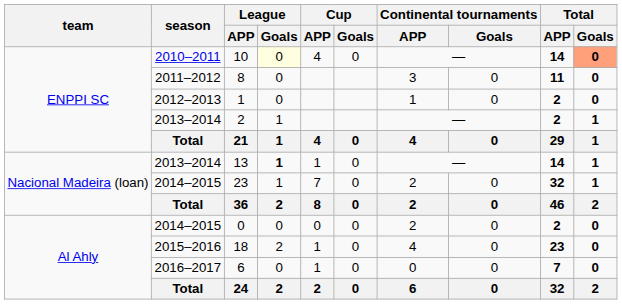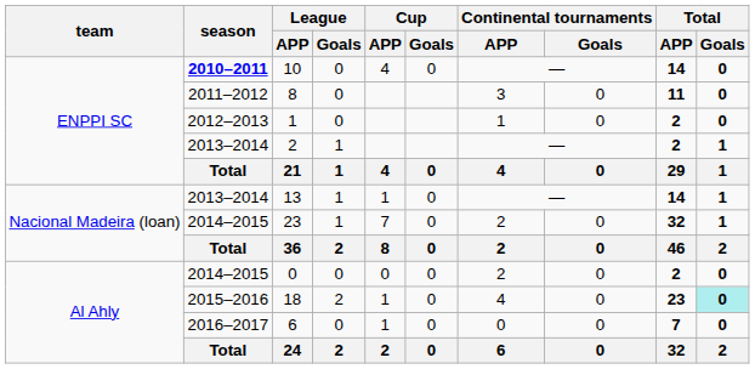 <table class="wikitable" style="text-align: center;">
 <tr>
 <th rowspan="2">team</th>
 <th rowspan="2">season</th>
 <th colspan="2">League</th>
 <th colspan="2">Cup</th>
 <th colspan="2">Continental tournaments</th>
 <th colspan="2">Total</th>
 </tr>
 <tr>
 <th>APP</th>
 <th>Goals</th>
 <th>APP</th>
 <th>Goals</th>
 <th>APP</th>
 <th>Goals</th>
 <th>APP</th>
 <th>Goals</th>
 </tr>
 <tr>
 <td rowspan=5><a href='#'>ENPPI SC</a></td>
-<td><a href='#'>2010–2011</a></td>
+<td><strong><a href='#'>2010–2011</a></strong></td>
 <td>10</td>
-<td style="background: lightyellow;">0</td>
+<td>0</td>
 <td>4</td>
 <td>0</td>
 <td colspan="2">—</td>
 <td><strong>14</strong></td>
-<td style="background: lightsalmon;"><strong>0</strong></td>
+<td><strong>0</strong></td>
 </tr>
 <tr>
 <td Egyptian Premier League 2011–12>2011–2012</td>
 <td>8</td>
 <td>0</td>
 <td></td>
 <td></td>
 <td>3</td>
 <td>0</td>
 <td><strong>11</strong></td>
 <td><strong>0</strong></td>
 </tr>
 <tr>
 <td Egyptian Premier League 2012–13>2012–2013</td>
 <td>1</td>
 <td>0</td>
 <td></td>
 <td></td>
 <td>1</td>
 <td>0</td>
 <td><strong>2</strong></td>
 <td><strong>0</strong></td>
 </tr>
 <tr>
 <td Egyptian Premier League 2013–14>2013–2014</td>
 <td>2</td>
 <td>1</td>
 <td></td>
 <td></td>
 <td colspan="2">—</td>
 <td><strong>2</strong></td>
 <td><strong>1</strong></td>
 </tr>
 <tr>
 <th>Total</th>
 <th>21</th>
 <th>1</th>
 <th>4</th>
 <th>0</th>
 <th>4</th>
 <th>0</th>
 <th>29</th>
 <th>1</th>
 </tr>
 <tr>
 <td rowspan=3><a href='#'>Nacional Madeira</a> (loan)</td>
 <td Portuguese Premier League 2013–14>2013–2014</td>
 <td>13</td>
-<td><strong>1</strong></td>
+<td>1</td>
 <td>1</td>
 <td>0</td>
 <td colspan="2">—</td>
 <td><strong>14</strong></td>
 <td><strong>1</strong></td>
 </tr>
 <tr>
 <td Portuguese Premier League 2014–15>2014–2015</td>
 <td>23</td>
 <td>1</td>
 <td>7</td>
 <td>0</td>
 <td>2</td>
 <td>0</td>
 <td><strong>32</strong></td>
 <td><strong>1</strong></td>
 </tr>
 <tr>
 <th>Total</th>
 <th>36</th>
 <th>2</th>
 <th>8</th>
 <th>0</th>
 <th>2</th>
 <th>0</th>
 <th>46</th>
 <th>2</th>
 </tr>
 <tr>
 <td rowspan=4><a href='#'>Al Ahly</a></td>
 <td Egyptian Premier League 2014–15>2014–2015</td>
 <td>0</td>
 <td>0</td>
 <td>0</td>
 <td>0</td>
 <td>2</td>
 <td>0</td>
 <td><strong>2</strong></td>
 <td><strong>0</strong></td>
 </tr>
 <tr>
 <td Egyptian Premier League 2015–16>2015–2016</td>
 <td>18</td>
 <td>2</td>
 <td>1</td>
 <td>0</td>
 <td>4</td>
 <td>0</td>
 <td><strong>23</strong></td>
-<td><strong>0</strong></td>
+<td style="background: paleturquoise;"><strong>0</strong></td>
 </tr>
 <tr>
 <td Egyptian Premier League 2016–17>2016–2017</td>
 <td>6</td>
 <td>0</td>
 <td>1</td>
 <td>0</td>
 <td>0</td>
 <td>0</td>
 <td><strong>7</strong></td>
 <td><strong>0</strong></td>
 </tr>
 <tr>
 <th>Total</th>
 <th>24</th>
 <th>2</th>
 <th>2</th>
 <th>0</th>
 <th>6</th>
 <th>0</th>
 <th>32</th>
 <th>2</th>
 </tr>
 </table>
